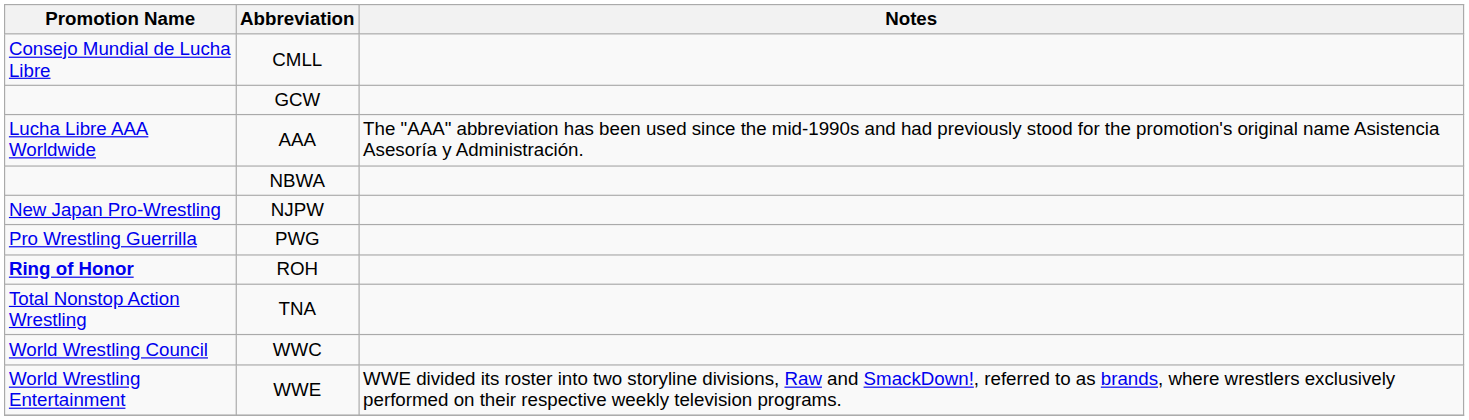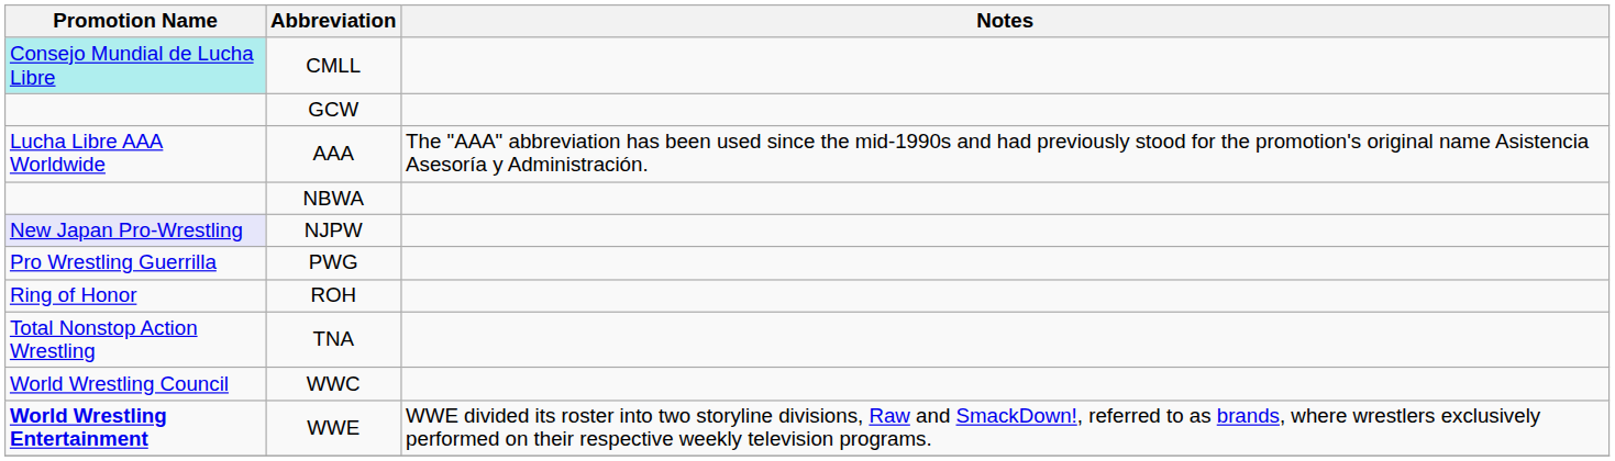 <table class="wikitable">
 <tr>
 <th>Promotion Name</th>
 <th>Abbreviation</th>
 <th>Notes</th>
 </tr>
 <tr>
-<td><a href='#'>Consejo Mundial de Lucha Libre</a></td>
+<td style="background: paleturquoise;"><a href='#'>Consejo Mundial de Lucha Libre</a></td>
 <td align=center>CMLL</td>
 <td></td>
 </tr>
 <tr>
 <td></td>
 <td align=center>GCW</td>
 <td></td>
 </tr>
 <tr>
 <td><a href='#'>Lucha Libre AAA Worldwide</a></td>
 <td align=center>AAA</td>
 <td>The "AAA" abbreviation has been used since the mid-1990s and had previously stood for the promotion's original name Asistencia Asesoría y Administración.</td>
 </tr>
 <tr>
 <td></td>
 <td align=center>NBWA</td>
 <td></td>
 </tr>
 <tr>
-<td><a href='#'>New Japan Pro-Wrestling</a></td>
+<td style="background: lavender;"><a href='#'>New Japan Pro-Wrestling</a></td>
 <td align=center>NJPW</td>
 <td></td>
 </tr>
 <tr>
 <td><a href='#'>Pro Wrestling Guerrilla</a></td>
 <td align=center>PWG</td>
 <td></td>
 </tr>
 <tr>
-<td><strong><a href='#'>Ring of Honor</a></strong></td>
+<td><a href='#'>Ring of Honor</a></td>
 <td align=center>ROH</td>
 <td></td>
 </tr>
 <tr>
 <td><a href='#'>Total Nonstop Action Wrestling</a></td>
 <td align=center>TNA</td>
 <td></td>
 </tr>
 <tr>
 <td><a href='#'>World Wrestling Council</a></td>
 <td align=center>WWC</td>
 <td></td>
 </tr>
 <tr>
-<td><a href='#'>World Wrestling Entertainment</a></td>
+<td><strong><a href='#'>World Wrestling Entertainment</a></strong></td>
 <td align=center>WWE</td>
 <td>WWE divided its roster into two storyline divisions, <a href='#'>Raw</a> and <a href='#'>SmackDown!</a>, referred to as <a href='#'>brands</a>, where wrestlers exclusively performed on their respective weekly television programs.</td>
 </tr>
 <tr>
 </tr>
 </table>
